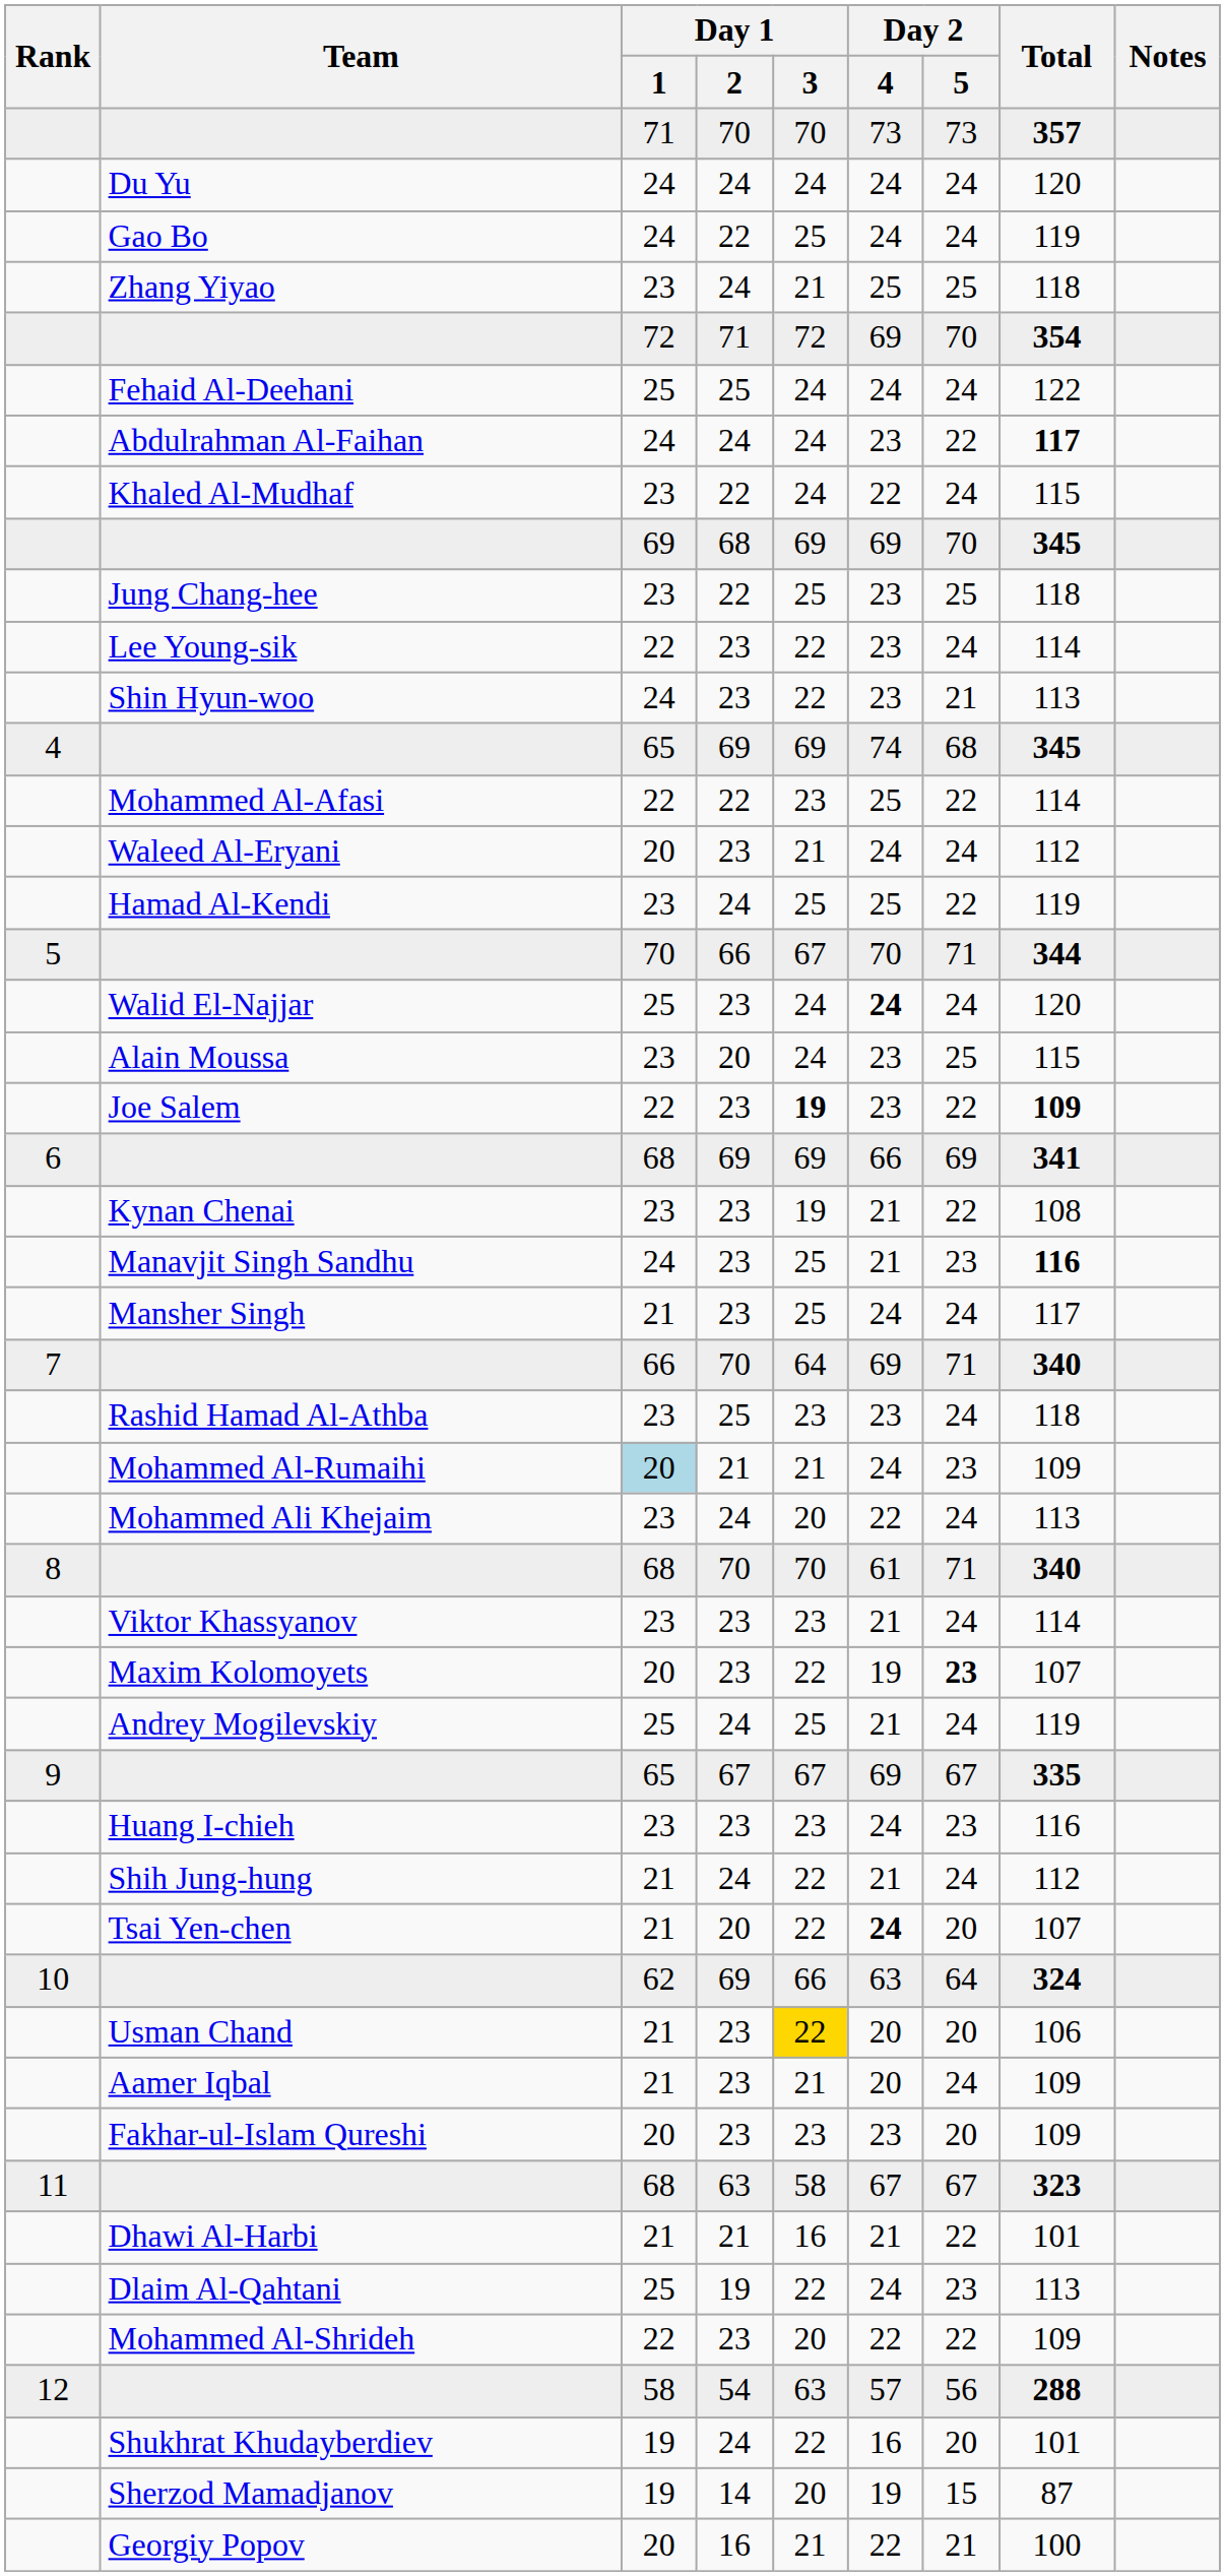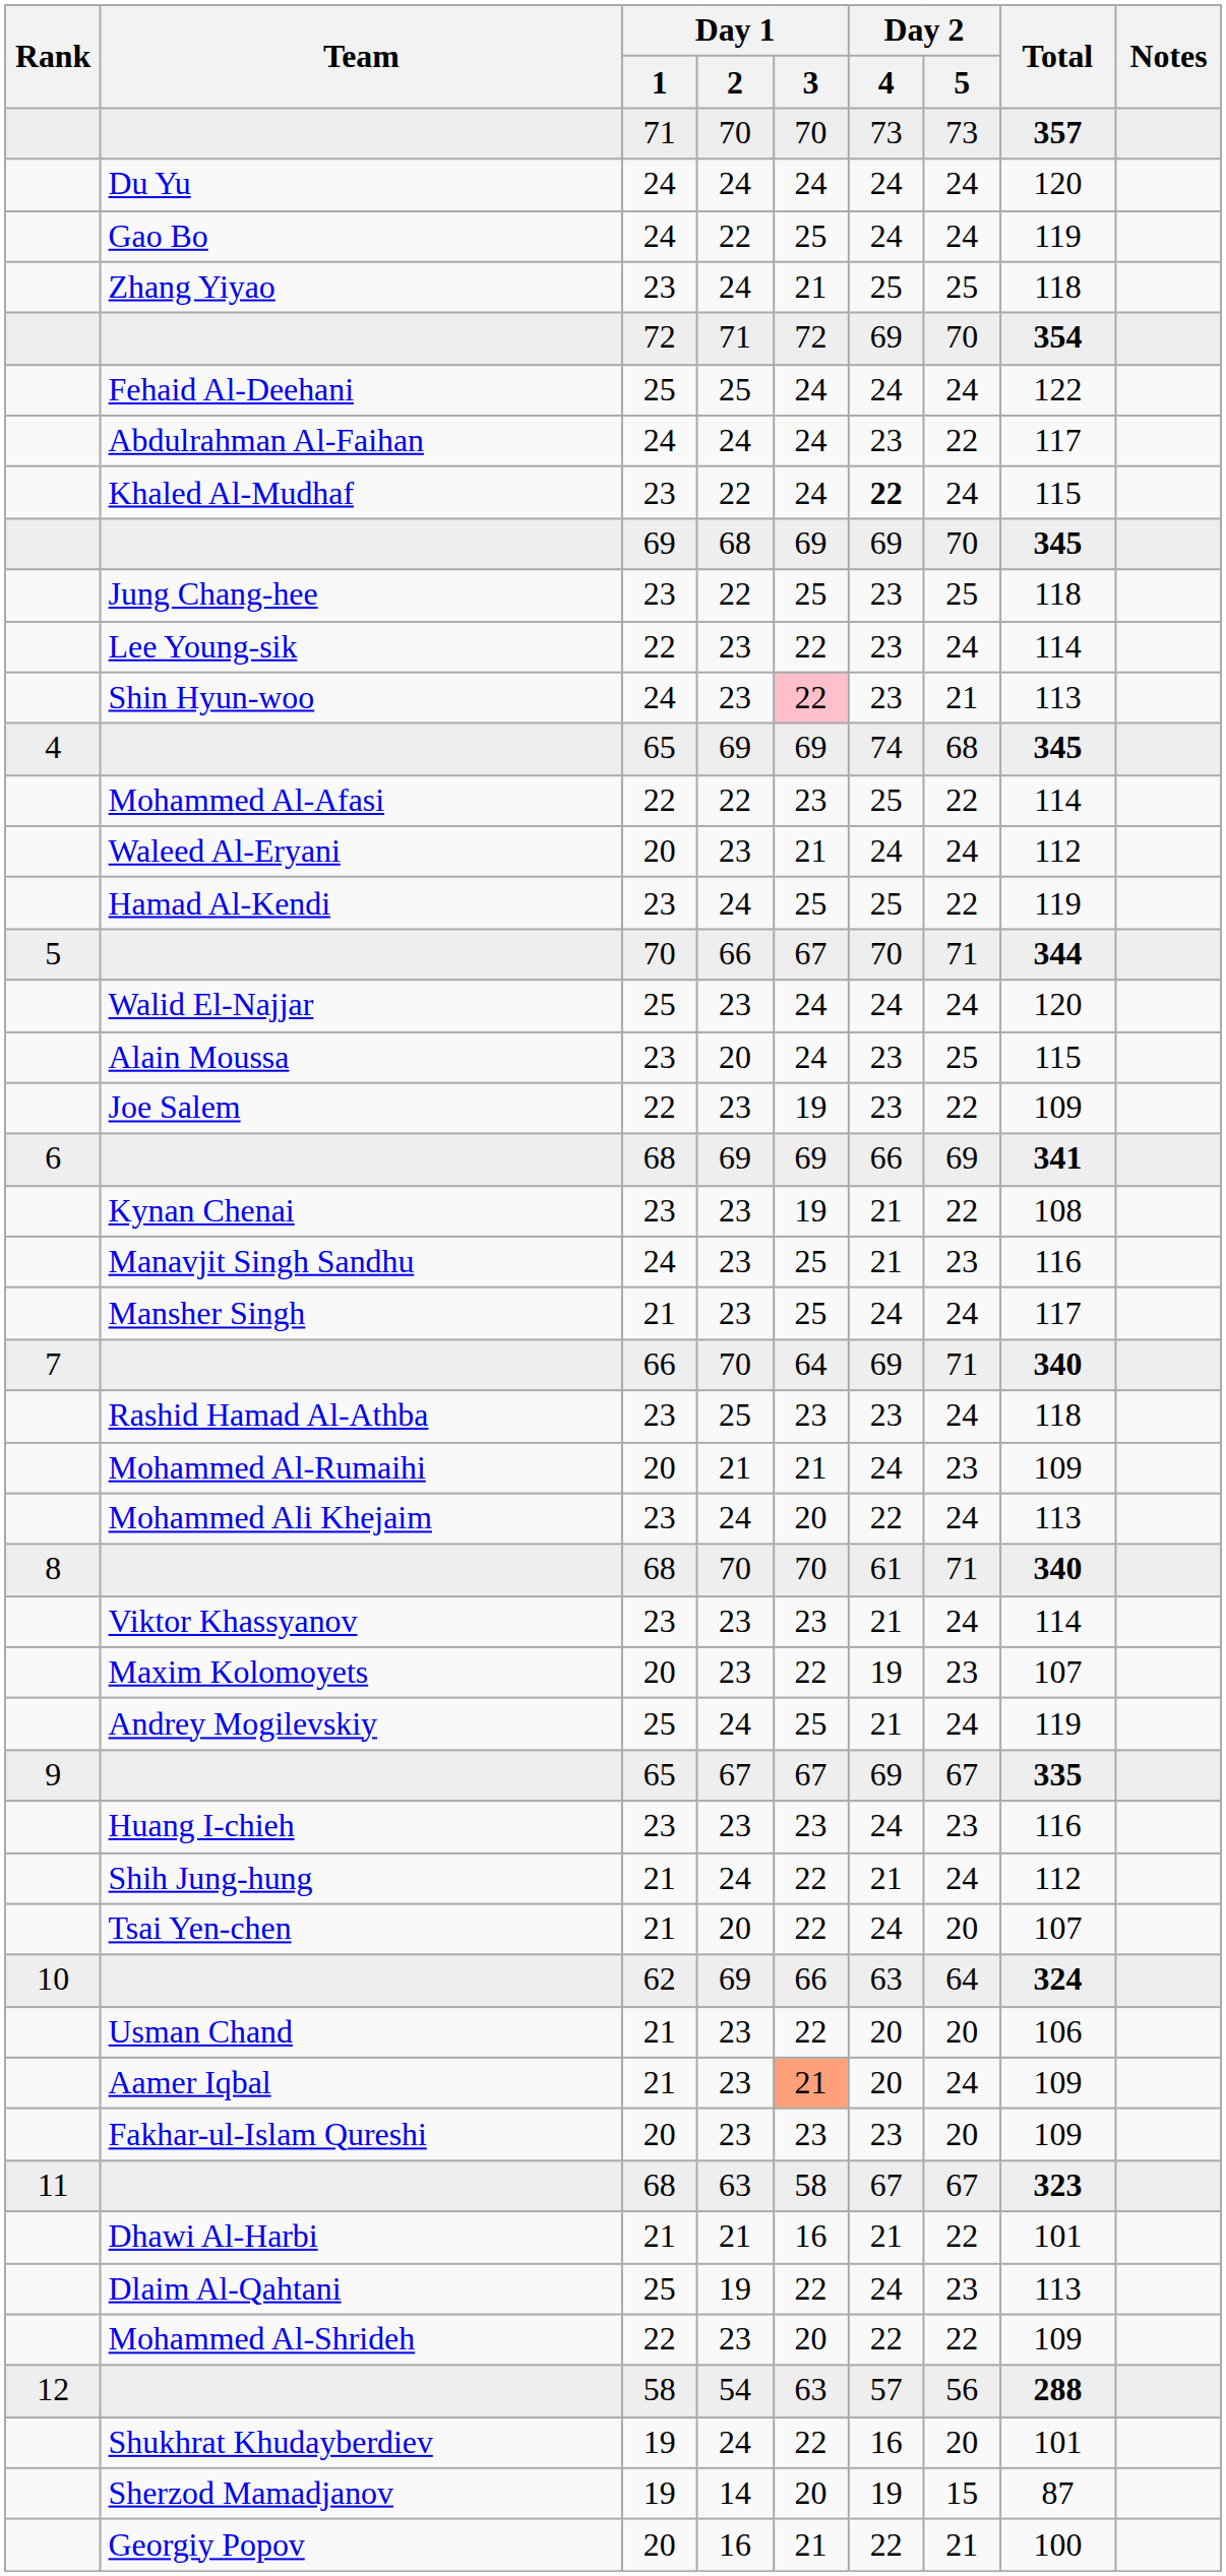 <table class="wikitable" style="text-align:center">
 <tr>
 <th rowspan=2 width=40>Rank</th>
 <th rowspan=2 width=250>Team</th>
 <th colspan=3>Day 1</th>
 <th colspan=2>Day 2</th>
 <th rowspan=2 width=50>Total</th>
 <th rowspan=2 width=45>Notes</th>
 </tr>
 <tr>
 <th width=30>1</th>
 <th width=30>2</th>
 <th width=30>3</th>
 <th width=30>4</th>
 <th width=30>5</th>
 </tr>
 <tr bgcolor=eeeeee>
 <td></td>
 <td align=left></td>
 <td>71</td>
 <td>70</td>
 <td>70</td>
 <td>73</td>
 <td>73</td>
 <td><strong>357</strong></td>
 <td></td>
 </tr>
 <tr>
 <td></td>
 <td align=left><a href='#'>Du Yu</a></td>
 <td>24</td>
 <td>24</td>
 <td>24</td>
 <td>24</td>
 <td>24</td>
 <td>120</td>
 <td></td>
 </tr>
 <tr>
 <td></td>
 <td align=left><a href='#'>Gao Bo</a></td>
 <td>24</td>
 <td>22</td>
 <td>25</td>
 <td>24</td>
 <td>24</td>
 <td>119</td>
 <td></td>
 </tr>
 <tr>
 <td></td>
 <td align=left><a href='#'>Zhang Yiyao</a></td>
 <td>23</td>
 <td>24</td>
 <td>21</td>
 <td>25</td>
 <td>25</td>
 <td>118</td>
 <td></td>
 </tr>
 <tr bgcolor=eeeeee>
 <td></td>
 <td align=left></td>
 <td>72</td>
 <td>71</td>
 <td>72</td>
 <td>69</td>
 <td>70</td>
 <td><strong>354</strong></td>
 <td></td>
 </tr>
 <tr>
 <td></td>
 <td align=left><a href='#'>Fehaid Al-Deehani</a></td>
 <td>25</td>
 <td>25</td>
 <td>24</td>
 <td>24</td>
 <td>24</td>
 <td>122</td>
 <td></td>
 </tr>
 <tr>
 <td></td>
 <td align=left><a href='#'>Abdulrahman Al-Faihan</a></td>
 <td>24</td>
 <td>24</td>
 <td>24</td>
 <td>23</td>
 <td>22</td>
-<td><strong>117</strong></td>
+<td>117</td>
 <td></td>
 </tr>
 <tr>
 <td></td>
 <td align=left><a href='#'>Khaled Al-Mudhaf</a></td>
 <td>23</td>
 <td>22</td>
 <td>24</td>
-<td>22</td>
+<td><strong>22</strong></td>
 <td>24</td>
 <td>115</td>
 <td></td>
 </tr>
 <tr bgcolor=eeeeee>
 <td></td>
 <td align=left></td>
 <td>69</td>
 <td>68</td>
 <td>69</td>
 <td>69</td>
 <td>70</td>
 <td><strong>345</strong></td>
 <td></td>
 </tr>
 <tr>
 <td></td>
 <td align=left><a href='#'>Jung Chang-hee</a></td>
 <td>23</td>
 <td>22</td>
 <td>25</td>
 <td>23</td>
 <td>25</td>
 <td>118</td>
 <td></td>
 </tr>
 <tr>
 <td></td>
 <td align=left><a href='#'>Lee Young-sik</a></td>
 <td>22</td>
 <td>23</td>
 <td>22</td>
 <td>23</td>
 <td>24</td>
 <td>114</td>
 <td></td>
 </tr>
 <tr>
 <td></td>
 <td align=left><a href='#'>Shin Hyun-woo</a></td>
 <td>24</td>
 <td>23</td>
-<td>22</td>
+<td style="background: pink;">22</td>
 <td>23</td>
 <td>21</td>
 <td>113</td>
 <td></td>
 </tr>
 <tr bgcolor=eeeeee>
 <td>4</td>
 <td align=left></td>
 <td>65</td>
 <td>69</td>
 <td>69</td>
 <td>74</td>
 <td>68</td>
 <td><strong>345</strong></td>
 <td></td>
 </tr>
 <tr>
 <td></td>
 <td align=left><a href='#'>Mohammed Al-Afasi</a></td>
 <td>22</td>
 <td>22</td>
 <td>23</td>
 <td>25</td>
 <td>22</td>
 <td>114</td>
 <td></td>
 </tr>
 <tr>
 <td></td>
 <td align=left><a href='#'>Waleed Al-Eryani</a></td>
 <td>20</td>
 <td>23</td>
 <td>21</td>
 <td>24</td>
 <td>24</td>
 <td>112</td>
 <td></td>
 </tr>
 <tr>
 <td></td>
 <td align=left><a href='#'>Hamad Al-Kendi</a></td>
 <td>23</td>
 <td>24</td>
 <td>25</td>
 <td>25</td>
 <td>22</td>
 <td>119</td>
 <td></td>
 </tr>
 <tr bgcolor=eeeeee>
 <td>5</td>
 <td align=left></td>
 <td>70</td>
 <td>66</td>
 <td>67</td>
 <td>70</td>
 <td>71</td>
 <td><strong>344</strong></td>
 <td></td>
 </tr>
 <tr>
 <td></td>
 <td align=left><a href='#'>Walid El-Najjar</a></td>
 <td>25</td>
 <td>23</td>
 <td>24</td>
-<td><strong>24</strong></td>
+<td>24</td>
 <td>24</td>
 <td>120</td>
 <td></td>
 </tr>
 <tr>
 <td></td>
 <td align=left><a href='#'>Alain Moussa</a></td>
 <td>23</td>
 <td>20</td>
 <td>24</td>
 <td>23</td>
 <td>25</td>
 <td>115</td>
 <td></td>
 </tr>
 <tr>
 <td></td>
 <td align=left><a href='#'>Joe Salem</a></td>
 <td>22</td>
 <td>23</td>
-<td><strong>19</strong></td>
+<td>19</td>
 <td>23</td>
 <td>22</td>
-<td><strong>109</strong></td>
+<td>109</td>
 <td></td>
 </tr>
 <tr bgcolor=eeeeee>
 <td>6</td>
 <td align=left></td>
 <td>68</td>
 <td>69</td>
 <td>69</td>
 <td>66</td>
 <td>69</td>
 <td><strong>341</strong></td>
 <td></td>
 </tr>
 <tr>
 <td></td>
 <td align=left><a href='#'>Kynan Chenai</a></td>
 <td>23</td>
 <td>23</td>
 <td>19</td>
 <td>21</td>
 <td>22</td>
 <td>108</td>
 <td></td>
 </tr>
 <tr>
 <td></td>
 <td align=left><a href='#'>Manavjit Singh Sandhu</a></td>
 <td>24</td>
 <td>23</td>
 <td>25</td>
 <td>21</td>
 <td>23</td>
-<td><strong>116</strong></td>
+<td>116</td>
 <td></td>
 </tr>
 <tr>
 <td></td>
 <td align=left><a href='#'>Mansher Singh</a></td>
 <td>21</td>
 <td>23</td>
 <td>25</td>
 <td>24</td>
 <td>24</td>
 <td>117</td>
 <td></td>
 </tr>
 <tr bgcolor=eeeeee>
 <td>7</td>
 <td align=left></td>
 <td>66</td>
 <td>70</td>
 <td>64</td>
 <td>69</td>
 <td>71</td>
 <td><strong>340</strong></td>
 <td></td>
 </tr>
 <tr>
 <td></td>
 <td align=left><a href='#'>Rashid Hamad Al-Athba</a></td>
 <td>23</td>
 <td>25</td>
 <td>23</td>
 <td>23</td>
 <td>24</td>
 <td>118</td>
 <td></td>
 </tr>
 <tr>
 <td></td>
 <td align=left><a href='#'>Mohammed Al-Rumaihi</a></td>
-<td style="background: lightblue;">20</td>
+<td>20</td>
 <td>21</td>
 <td>21</td>
 <td>24</td>
 <td>23</td>
 <td>109</td>
 <td></td>
 </tr>
 <tr>
 <td></td>
 <td align=left><a href='#'>Mohammed Ali Khejaim</a></td>
 <td>23</td>
 <td>24</td>
 <td>20</td>
 <td>22</td>
 <td>24</td>
 <td>113</td>
 <td></td>
 </tr>
 <tr bgcolor=eeeeee>
 <td>8</td>
 <td align=left></td>
 <td>68</td>
 <td>70</td>
 <td>70</td>
 <td>61</td>
 <td>71</td>
 <td><strong>340</strong></td>
 <td></td>
 </tr>
 <tr>
 <td></td>
 <td align=left><a href='#'>Viktor Khassyanov</a></td>
 <td>23</td>
 <td>23</td>
 <td>23</td>
 <td>21</td>
 <td>24</td>
 <td>114</td>
 <td></td>
 </tr>
 <tr>
 <td></td>
 <td align=left><a href='#'>Maxim Kolomoyets</a></td>
 <td>20</td>
 <td>23</td>
 <td>22</td>
 <td>19</td>
-<td><strong>23</strong></td>
+<td>23</td>
 <td>107</td>
 <td></td>
 </tr>
 <tr>
 <td></td>
 <td align=left><a href='#'>Andrey Mogilevskiy</a></td>
 <td>25</td>
 <td>24</td>
 <td>25</td>
 <td>21</td>
 <td>24</td>
 <td>119</td>
 <td></td>
 </tr>
 <tr bgcolor=eeeeee>
 <td>9</td>
 <td align=left></td>
 <td>65</td>
 <td>67</td>
 <td>67</td>
 <td>69</td>
 <td>67</td>
 <td><strong>335</strong></td>
 <td></td>
 </tr>
 <tr>
 <td></td>
 <td align=left><a href='#'>Huang I-chieh</a></td>
 <td>23</td>
 <td>23</td>
 <td>23</td>
 <td>24</td>
 <td>23</td>
 <td>116</td>
 <td></td>
 </tr>
 <tr>
 <td></td>
 <td align=left><a href='#'>Shih Jung-hung</a></td>
 <td>21</td>
 <td>24</td>
 <td>22</td>
 <td>21</td>
 <td>24</td>
 <td>112</td>
 <td></td>
 </tr>
 <tr>
 <td></td>
 <td align=left><a href='#'>Tsai Yen-chen</a></td>
 <td>21</td>
 <td>20</td>
 <td>22</td>
-<td><strong>24</strong></td>
+<td>24</td>
 <td>20</td>
 <td>107</td>
 <td></td>
 </tr>
 <tr bgcolor=eeeeee>
 <td>10</td>
 <td align=left></td>
 <td>62</td>
 <td>69</td>
 <td>66</td>
 <td>63</td>
 <td>64</td>
 <td><strong>324</strong></td>
 <td></td>
 </tr>
 <tr>
 <td></td>
 <td align=left><a href='#'>Usman Chand</a></td>
 <td>21</td>
 <td>23</td>
-<td style="background: gold;">22</td>
+<td>22</td>
 <td>20</td>
 <td>20</td>
 <td>106</td>
 <td></td>
 </tr>
 <tr>
 <td></td>
 <td align=left><a href='#'>Aamer Iqbal</a></td>
 <td>21</td>
 <td>23</td>
-<td>21</td>
+<td style="background: lightsalmon;">21</td>
 <td>20</td>
 <td>24</td>
 <td>109</td>
 <td></td>
 </tr>
 <tr>
 <td></td>
 <td align=left><a href='#'>Fakhar-ul-Islam Qureshi</a></td>
 <td>20</td>
 <td>23</td>
 <td>23</td>
 <td>23</td>
 <td>20</td>
 <td>109</td>
 <td></td>
 </tr>
 <tr bgcolor=eeeeee>
 <td>11</td>
 <td align=left></td>
 <td>68</td>
 <td>63</td>
 <td>58</td>
 <td>67</td>
 <td>67</td>
 <td><strong>323</strong></td>
 <td></td>
 </tr>
 <tr>
 <td></td>
 <td align=left><a href='#'>Dhawi Al-Harbi</a></td>
 <td>21</td>
 <td>21</td>
 <td>16</td>
 <td>21</td>
 <td>22</td>
 <td>101</td>
 <td></td>
 </tr>
 <tr>
 <td></td>
 <td align=left><a href='#'>Dlaim Al-Qahtani</a></td>
 <td>25</td>
 <td>19</td>
 <td>22</td>
 <td>24</td>
 <td>23</td>
 <td>113</td>
 <td></td>
 </tr>
 <tr>
 <td></td>
 <td align=left><a href='#'>Mohammed Al-Shrideh</a></td>
 <td>22</td>
 <td>23</td>
 <td>20</td>
 <td>22</td>
 <td>22</td>
 <td>109</td>
 <td></td>
 </tr>
 <tr bgcolor=eeeeee>
 <td>12</td>
 <td align=left></td>
 <td>58</td>
 <td>54</td>
 <td>63</td>
 <td>57</td>
 <td>56</td>
 <td><strong>288</strong></td>
 <td></td>
 </tr>
 <tr>
 <td></td>
 <td align=left><a href='#'>Shukhrat Khudayberdiev</a></td>
 <td>19</td>
 <td>24</td>
 <td>22</td>
 <td>16</td>
 <td>20</td>
 <td>101</td>
 <td></td>
 </tr>
 <tr>
 <td></td>
 <td align=left><a href='#'>Sherzod Mamadjanov</a></td>
 <td>19</td>
 <td>14</td>
 <td>20</td>
 <td>19</td>
 <td>15</td>
 <td>87</td>
 <td></td>
 </tr>
 <tr>
 <td></td>
 <td align=left><a href='#'>Georgiy Popov</a></td>
 <td>20</td>
 <td>16</td>
 <td>21</td>
 <td>22</td>
 <td>21</td>
 <td>100</td>
 <td></td>
 </tr>
 </table>
